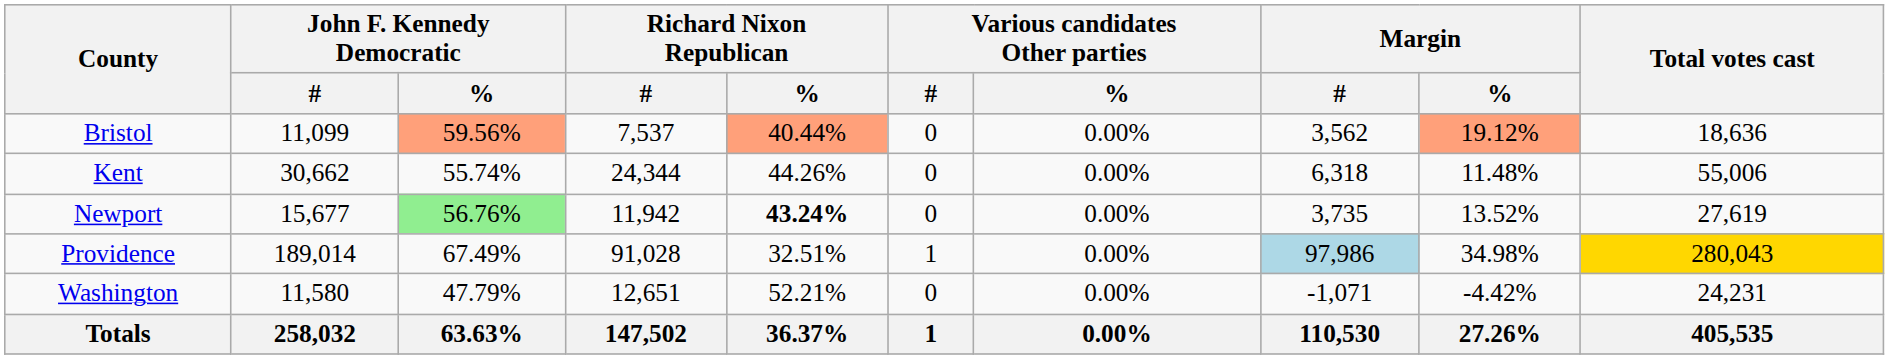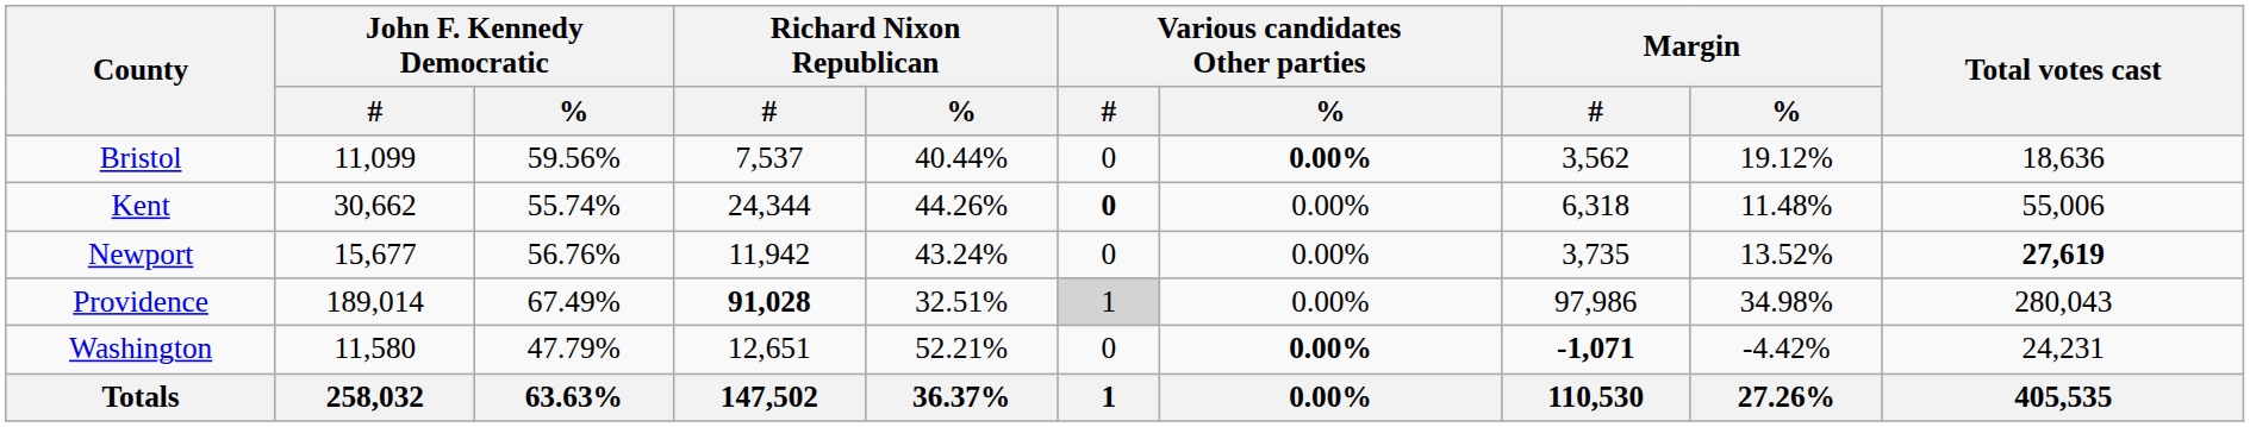 <table width="60%" class="wikitable sortable" style="text-align:center">
 <tr>
 <th style="text-align:center;" rowspan="2">County</th>
 <th style="text-align:center;" colspan="2">John F. Kennedy<br>Democratic</th>
 <th style="text-align:center;" colspan="2">Richard Nixon<br>Republican</th>
 <th style="text-align:center;" colspan="2">Various candidates<br>Other parties</th>
 <th style="text-align:center;" colspan="2">Margin</th>
 <th style="text-align:center;" rowspan="2">Total votes cast</th>
 </tr>
 <tr>
 <th style="text-align:center;" data-sort-type="number">#</th>
 <th style="text-align:center;" data-sort-type="number">%</th>
 <th style="text-align:center;" data-sort-type="number">#</th>
 <th style="text-align:center;" data-sort-type="number">%</th>
 <th style="text-align:center;" data-sort-type="number">#</th>
 <th style="text-align:center;" data-sort-type="number">%</th>
 <th style="text-align:center;" data-sort-type="number">#</th>
 <th style="text-align:center;" data-sort-type="number">%</th>
 </tr>
 <tr style="text-align:center;">
 <td><a href='#'>Bristol</a></td>
 <td>11,099</td>
-<td style="background: lightsalmon;">59.56%</td>
+<td>59.56%</td>
 <td>7,537</td>
-<td style="background: lightsalmon;">40.44%</td>
+<td>40.44%</td>
 <td>0</td>
-<td>0.00%</td>
+<td><strong>0.00%</strong></td>
 <td>3,562</td>
-<td style="background: lightsalmon;">19.12%</td>
+<td>19.12%</td>
 <td>18,636</td>
 </tr>
 <tr style="text-align:center;">
 <td><a href='#'>Kent</a></td>
 <td>30,662</td>
 <td>55.74%</td>
 <td>24,344</td>
 <td>44.26%</td>
-<td>0</td>
+<td><strong>0</strong></td>
 <td>0.00%</td>
 <td>6,318</td>
 <td>11.48%</td>
 <td>55,006</td>
 </tr>
 <tr style="text-align:center;">
 <td><a href='#'>Newport</a></td>
 <td>15,677</td>
-<td style="background: lightgreen;">56.76%</td>
+<td>56.76%</td>
 <td>11,942</td>
-<td><strong>43.24%</strong></td>
+<td>43.24%</td>
 <td>0</td>
 <td>0.00%</td>
 <td>3,735</td>
 <td>13.52%</td>
-<td>27,619</td>
+<td><strong>27,619</strong></td>
 </tr>
 <tr style="text-align:center;">
 <td><a href='#'>Providence</a></td>
 <td>189,014</td>
 <td>67.49%</td>
-<td>91,028</td>
+<td><strong>91,028</strong></td>
 <td>32.51%</td>
-<td>1</td>
+<td style="background: lightgrey;">1</td>
 <td>0.00%</td>
-<td style="background: lightblue;">97,986</td>
+<td>97,986</td>
 <td>34.98%</td>
-<td style="background: gold;">280,043</td>
+<td>280,043</td>
 </tr>
 <tr style="text-align:center;">
 <td><a href='#'>Washington</a></td>
 <td>11,580</td>
 <td>47.79%</td>
 <td>12,651</td>
 <td>52.21%</td>
 <td>0</td>
-<td>0.00%</td>
-<td>-1,071</td>
+<td><strong>0.00%</strong></td>
+<td><strong>-1,071</strong></td>
 <td>-4.42%</td>
 <td>24,231</td>
 </tr>
 <tr>
 <th>Totals</th>
 <th>258,032</th>
 <th>63.63%</th>
 <th>147,502</th>
 <th>36.37%</th>
 <th>1</th>
 <th>0.00%</th>
 <th>110,530</th>
 <th>27.26%</th>
 <th>405,535</th>
 </tr>
 </table>
